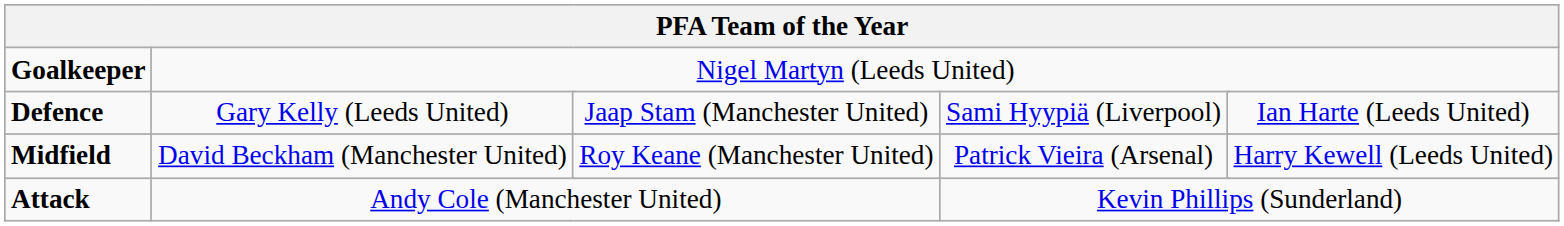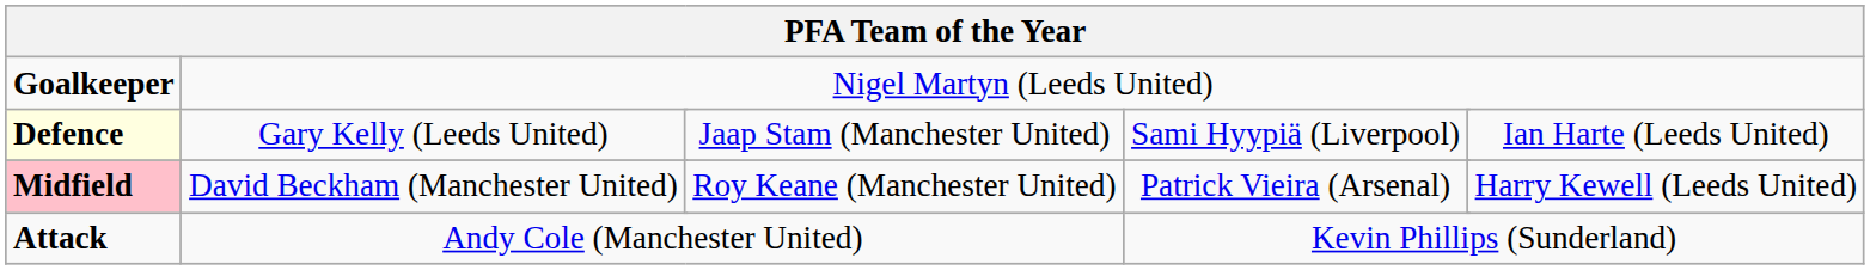 <table class="wikitable">
 <tr>
 <th colspan="13">PFA Team of the Year</th>
 </tr>
 <tr>
 <td><strong>Goalkeeper</strong></td>
 <td colspan="12" align="center"> <a href='#'>Nigel Martyn</a> (Leeds United)</td>
 </tr>
 <tr>
-<td><strong>Defence</strong></td>
+<td style="background: lightyellow;"><strong>Defence</strong></td>
 <td colspan="3" align="center"> <a href='#'>Gary Kelly</a> (Leeds United)</td>
 <td colspan="3" align="center"> <a href='#'>Jaap Stam</a> (Manchester United)</td>
 <td colspan="3" align="center"> <a href='#'>Sami Hyypiä</a> (Liverpool)</td>
 <td colspan="3" align="center"> <a href='#'>Ian Harte</a> (Leeds United)</td>
 </tr>
 <tr>
-<td><strong>Midfield</strong></td>
+<td style="background: pink;"><strong>Midfield</strong></td>
 <td colspan="3" align="center"> <a href='#'>David Beckham</a> (Manchester United)</td>
 <td colspan="3" align="center"> <a href='#'>Roy Keane</a> (Manchester United)</td>
 <td colspan="3" align="center"> <a href='#'>Patrick Vieira</a> (Arsenal)</td>
 <td colspan="3" align="center"> <a href='#'>Harry Kewell</a> (Leeds United)</td>
 </tr>
 <tr>
 <td><strong>Attack</strong></td>
 <td colspan="6" align="center"> <a href='#'>Andy Cole</a> (Manchester United)</td>
 <td colspan="6" align="center"> <a href='#'>Kevin Phillips</a> (Sunderland)</td>
 </tr>
 </table>
